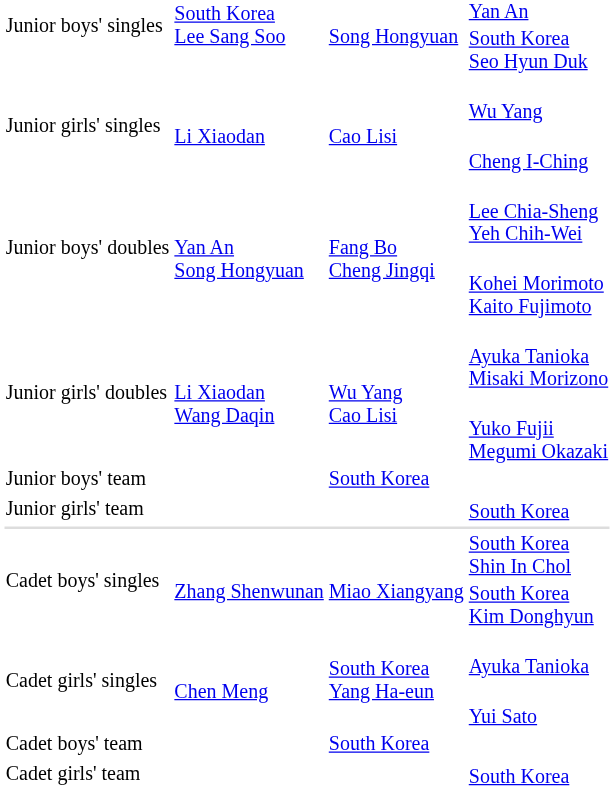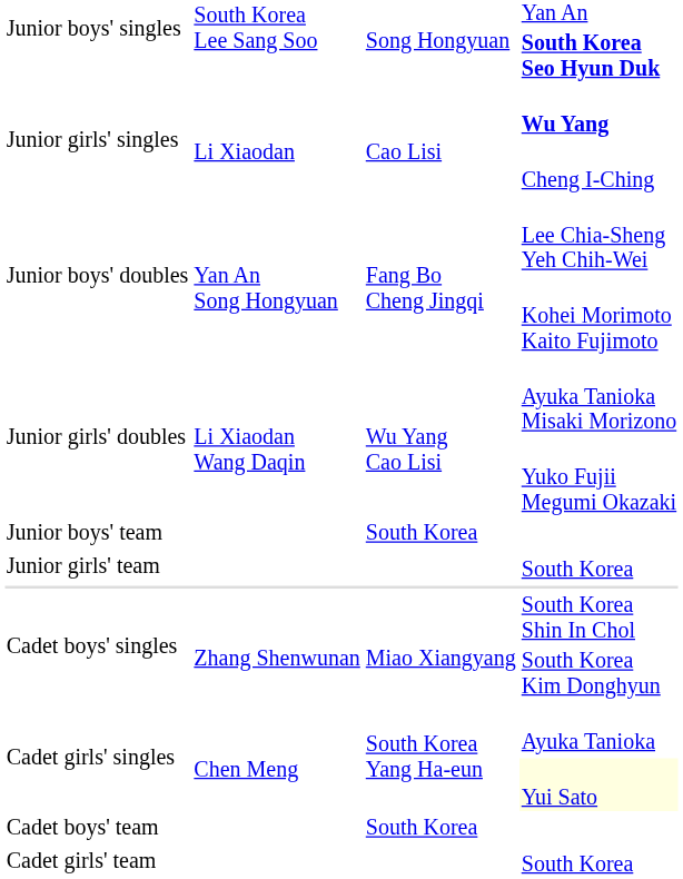 <table>
 <tr>
 <td rowspan=2>Junior boys' singles</td>
 <td rowspan=2> <a href='#'>South Korea</a><br><a href='#'>Lee Sang Soo</a></td>
 <td rowspan=2><br><a href='#'>Song Hongyuan</a></td>
 <td><br><a href='#'>Yan An</a></td>
 </tr>
 <tr>
-<td> <a href='#'>South Korea</a><br><a href='#'>Seo Hyun Duk</a></td>
+<td><strong> <a href='#'>South Korea</a><br><a href='#'>Seo Hyun Duk</a></strong></td>
 </tr>
 <tr>
 <td rowspan=2>Junior girls' singles</td>
 <td rowspan=2><br><a href='#'>Li Xiaodan</a></td>
 <td rowspan=2><br><a href='#'>Cao Lisi</a></td>
-<td><br><a href='#'>Wu Yang</a></td>
+<td><strong><br><a href='#'>Wu Yang</a></strong></td>
 </tr>
 <tr>
 <td><br><a href='#'>Cheng I-Ching</a></td>
 </tr>
 <tr>
 <td rowspan=2>Junior boys' doubles</td>
 <td rowspan=2><br><a href='#'>Yan An</a><br><a href='#'>Song Hongyuan</a></td>
 <td rowspan=2><br><a href='#'>Fang Bo</a><br><a href='#'>Cheng Jingqi</a></td>
 <td><br><a href='#'>Lee Chia-Sheng</a><br><a href='#'>Yeh Chih-Wei</a></td>
 </tr>
 <tr>
 <td><br><a href='#'>Kohei Morimoto</a><br><a href='#'>Kaito Fujimoto</a></td>
 </tr>
 <tr>
 <td rowspan=2>Junior girls' doubles</td>
 <td rowspan=2><br><a href='#'>Li Xiaodan</a><br><a href='#'>Wang Daqin</a></td>
 <td rowspan=2><br><a href='#'>Wu Yang</a><br><a href='#'>Cao Lisi</a></td>
 <td><br><a href='#'>Ayuka Tanioka</a><br><a href='#'>Misaki Morizono</a></td>
 </tr>
 <tr>
 <td><br><a href='#'>Yuko Fujii</a><br><a href='#'>Megumi Okazaki</a></td>
 </tr>
 <tr>
 <td rowspan=2>Junior boys' team</td>
 <td rowspan=2></td>
 <td rowspan=2> <a href='#'>South Korea</a></td>
 <td></td>
 </tr>
 <tr>
 <td></td>
 </tr>
 <tr>
 <td rowspan=2>Junior girls' team</td>
 <td rowspan=2></td>
 <td rowspan=2></td>
 <td></td>
 </tr>
 <tr>
 <td> <a href='#'>South Korea</a></td>
 </tr>
 <tr style="background:#dddddd;">
 <td colspan=7></td>
 </tr>
 <tr>
 <td rowspan=2>Cadet boys' singles</td>
 <td rowspan=2><br><a href='#'>Zhang Shenwunan</a></td>
 <td rowspan=2><br><a href='#'>Miao Xiangyang</a></td>
 <td> <a href='#'>South Korea</a><br><a href='#'>Shin In Chol</a></td>
 </tr>
 <tr>
 <td> <a href='#'>South Korea</a><br><a href='#'>Kim Donghyun</a></td>
 </tr>
 <tr>
 <td rowspan=2>Cadet girls' singles</td>
 <td rowspan=2><br><a href='#'>Chen Meng</a></td>
 <td rowspan=2> <a href='#'>South Korea</a><br><a href='#'>Yang Ha-eun</a></td>
 <td><br><a href='#'>Ayuka Tanioka</a></td>
 </tr>
 <tr>
-<td><br><a href='#'>Yui Sato</a></td>
+<td style="background: lightyellow;"><br><a href='#'>Yui Sato</a></td>
 </tr>
 <tr>
 <td rowspan=2>Cadet boys' team</td>
 <td rowspan=2></td>
 <td rowspan=2> <a href='#'>South Korea</a></td>
 <td></td>
 </tr>
 <tr>
 <td></td>
 </tr>
 <tr>
 <td rowspan=2>Cadet girls' team</td>
 <td rowspan=2></td>
 <td rowspan=2></td>
 <td></td>
 </tr>
 <tr>
 <td> <a href='#'>South Korea</a></td>
 </tr>
 </table>
